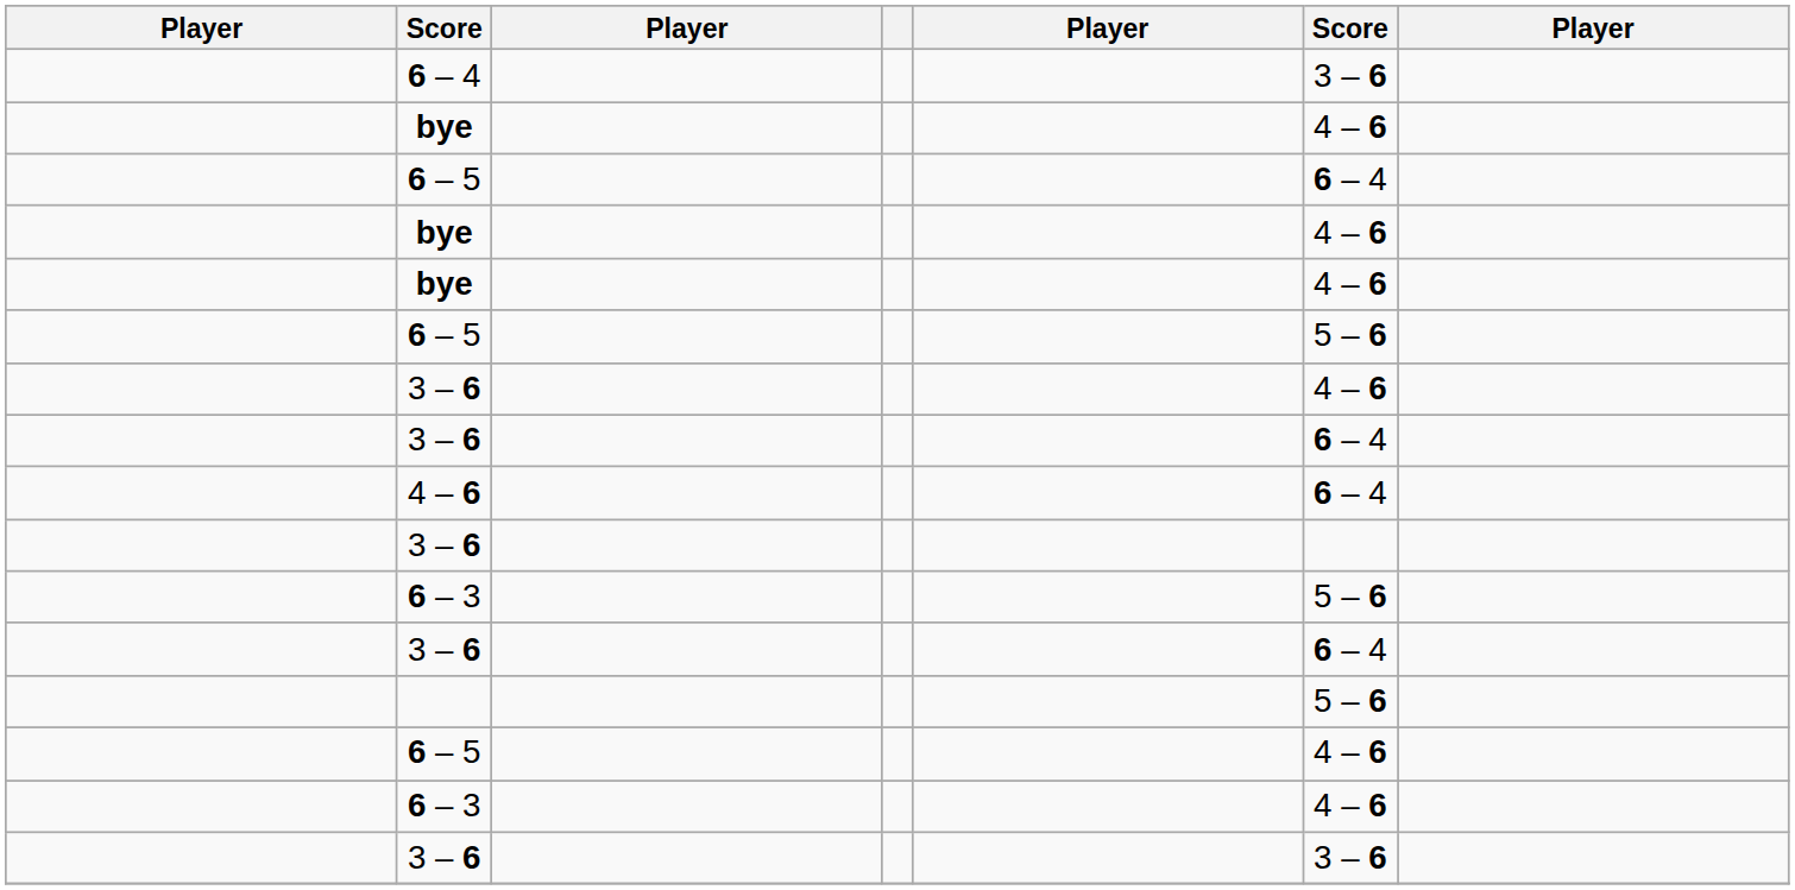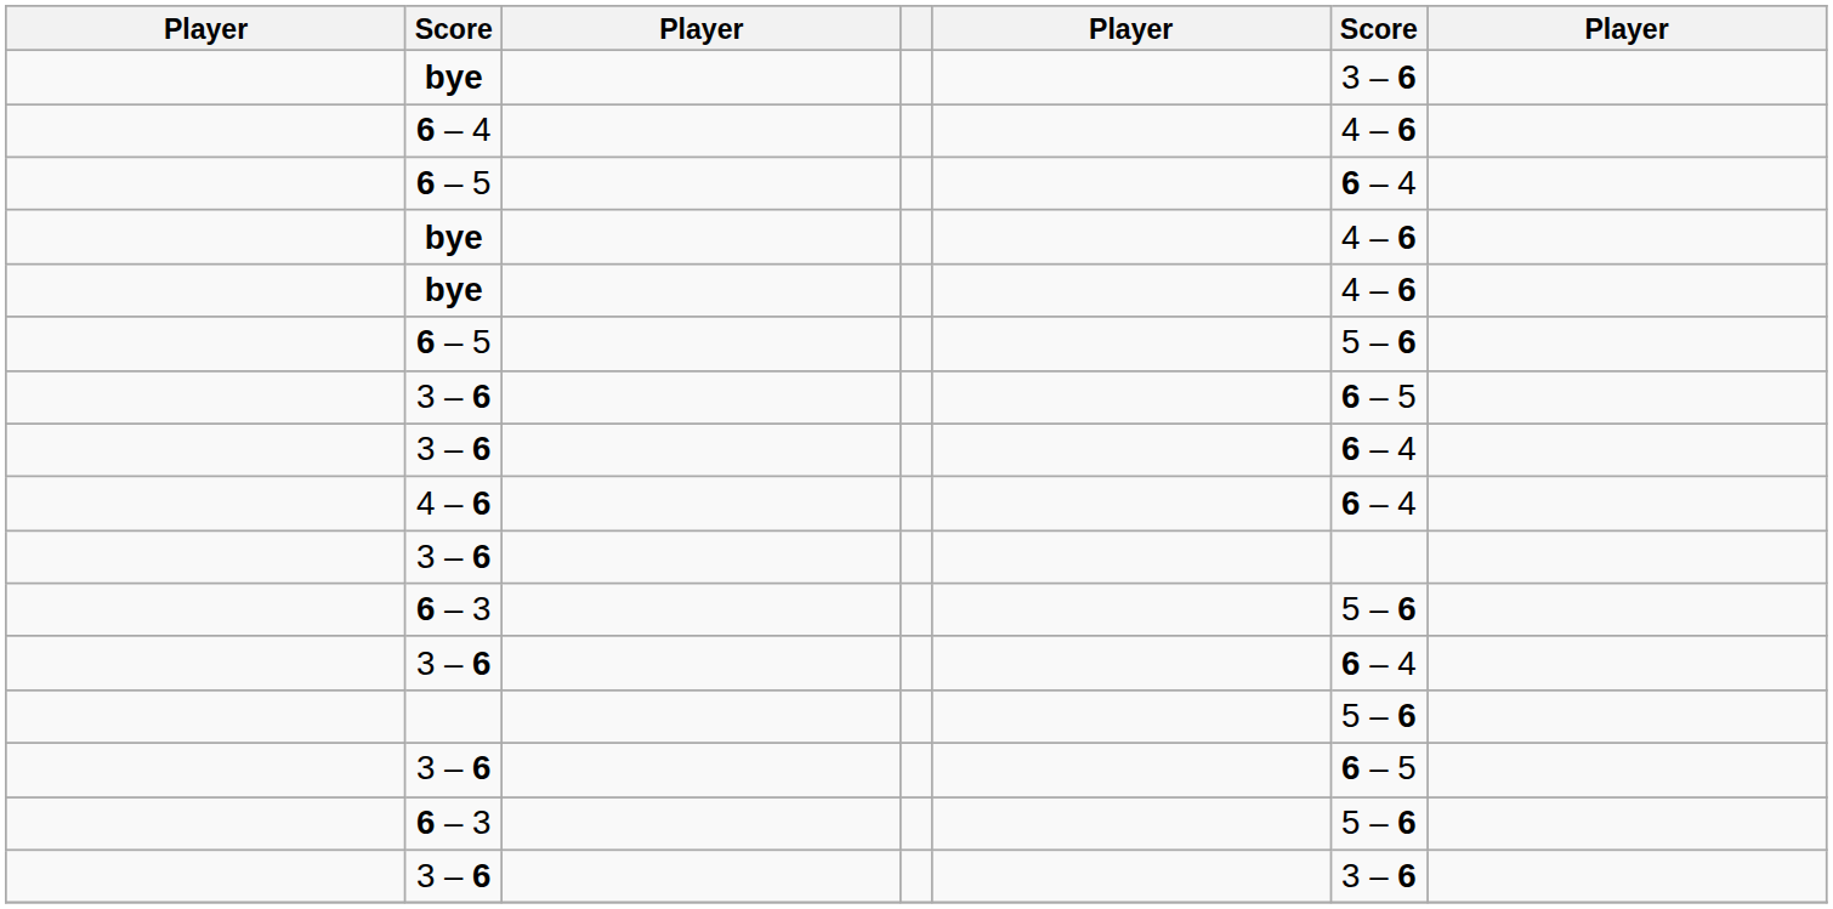 <table class="wikitable">
 <tr style="font-size:10pt;font-weight:bold">
 <th width=230>Player</th>
 <th width=40>Score</th>
 <th width=230>Player</th>
 <th width=10></th>
 <th width=230>Player</th>
 <th width=40>Score</th>
 <th width=230>Player</th>
 </tr>
 <tr>
 <td></td>
-<td align=center><strong>6</strong> – 4</td>
+<td align=center><strong>bye</strong></td>
 <td></td>
 <td></td>
 <td></td>
 <td align=center>3 – <strong>6</strong></td>
 <td></td>
 </tr>
 <tr>
 <td></td>
-<td align=center><strong>bye</strong></td>
+<td align=center><strong>6</strong> – 4</td>
 <td></td>
 <td></td>
 <td></td>
 <td align=center>4 – <strong>6</strong></td>
 <td></td>
 </tr>
 <tr>
 <td></td>
 <td align=center><strong>6</strong> – 5</td>
 <td></td>
 <td></td>
 <td></td>
 <td align=center><strong>6</strong> – 4</td>
 <td></td>
 </tr>
 <tr>
 <td></td>
 <td align=center><strong>bye</strong></td>
 <td></td>
 <td></td>
 <td></td>
 <td align=center>4 – <strong>6</strong></td>
 <td></td>
 </tr>
 <tr>
 <td></td>
 <td align=center><strong>bye</strong></td>
 <td></td>
 <td></td>
 <td></td>
 <td align=center>4 – <strong>6</strong></td>
 <td></td>
 </tr>
 <tr>
 <td></td>
 <td align=center><strong>6</strong> – 5</td>
 <td></td>
 <td></td>
 <td></td>
 <td align=center>5 – <strong>6</strong></td>
 <td></td>
 </tr>
 <tr>
 <td></td>
 <td align=center>3 – <strong>6</strong></td>
 <td></td>
 <td></td>
 <td></td>
-<td align=center>4 – <strong>6</strong></td>
+<td align=center><strong>6</strong> – 5</td>
 <td></td>
 </tr>
 <tr>
 <td></td>
 <td align=center>3 – <strong>6</strong></td>
 <td></td>
 <td></td>
 <td></td>
 <td align=center><strong>6</strong> – 4</td>
 <td></td>
 </tr>
 <tr>
 <td></td>
 <td align=center>4 – <strong>6</strong></td>
 <td></td>
 <td></td>
 <td></td>
 <td align=center><strong>6</strong> – 4</td>
 <td></td>
 </tr>
 <tr>
 <td></td>
 <td align=center>3 – <strong>6</strong></td>
 <td></td>
 <td></td>
 <td></td>
 <td align=center></td>
 <td></td>
 </tr>
 <tr>
 <td></td>
 <td align=center><strong>6</strong> – 3</td>
 <td></td>
 <td></td>
 <td></td>
 <td align=center>5 – <strong>6</strong></td>
 <td></td>
 </tr>
 <tr>
 <td></td>
 <td align=center>3 – <strong>6</strong></td>
 <td></td>
 <td></td>
 <td></td>
 <td align=center><strong>6</strong> – 4</td>
 <td></td>
 </tr>
 <tr>
 <td></td>
 <td align=center></td>
 <td></td>
 <td></td>
 <td></td>
 <td align=center>5 – <strong>6</strong></td>
 <td></td>
 </tr>
 <tr>
 <td></td>
-<td align=center><strong>6</strong> – 5</td>
+<td align=center>3 – <strong>6</strong></td>
 <td></td>
 <td></td>
 <td></td>
-<td align=center>4 – <strong>6</strong></td>
+<td align=center><strong>6</strong> – 5</td>
 <td></td>
 </tr>
 <tr>
 <td></td>
 <td align=center><strong>6</strong> – 3</td>
 <td></td>
 <td></td>
 <td></td>
-<td align=center>4 – <strong>6</strong></td>
+<td align=center>5 – <strong>6</strong></td>
 <td></td>
 </tr>
 <tr>
 <td></td>
 <td align=center>3 – <strong>6</strong></td>
 <td></td>
 <td></td>
 <td></td>
 <td align=center>3 – <strong>6</strong></td>
 <td></td>
 </tr>
 <tr>
 </tr>
 </table>
